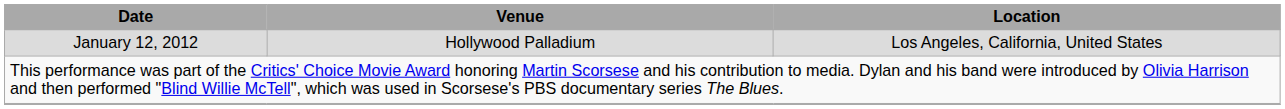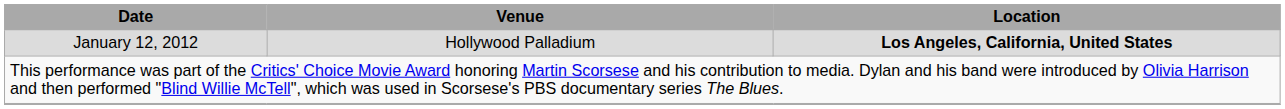 <table class="wikitable" style="width:100%; text-align:center;">
 <tr>
 <th style="width:100px; background:darkGrey;">Date</th>
 <th style="width:200px; background:darkGrey;">Venue</th>
 <th style="width:200px; background:darkGrey;">Location</th>
 </tr>
 <tr style="background:#DCDCDC;">
 <td>January 12, 2012</td>
 <td>Hollywood Palladium</td>
-<td>Los Angeles, California, United States</td>
+<td><strong>Los Angeles, California, United States</strong></td>
 </tr>
 <tr>
 <td colspan="5" style="border-bottom-width:3px; padding:5px; text-align:left;">This performance was part of the <a href='#'>Critics' Choice Movie Award</a> honoring <a href='#'>Martin Scorsese</a> and his contribution to media. Dylan and his band were introduced by <a href='#'>Olivia Harrison</a> and then performed "<a href='#'>Blind Willie McTell</a>", which was used in Scorsese's PBS documentary series <em>The Blues</em>.</td>
 </tr>
 <tr>
 </tr>
 </table>
